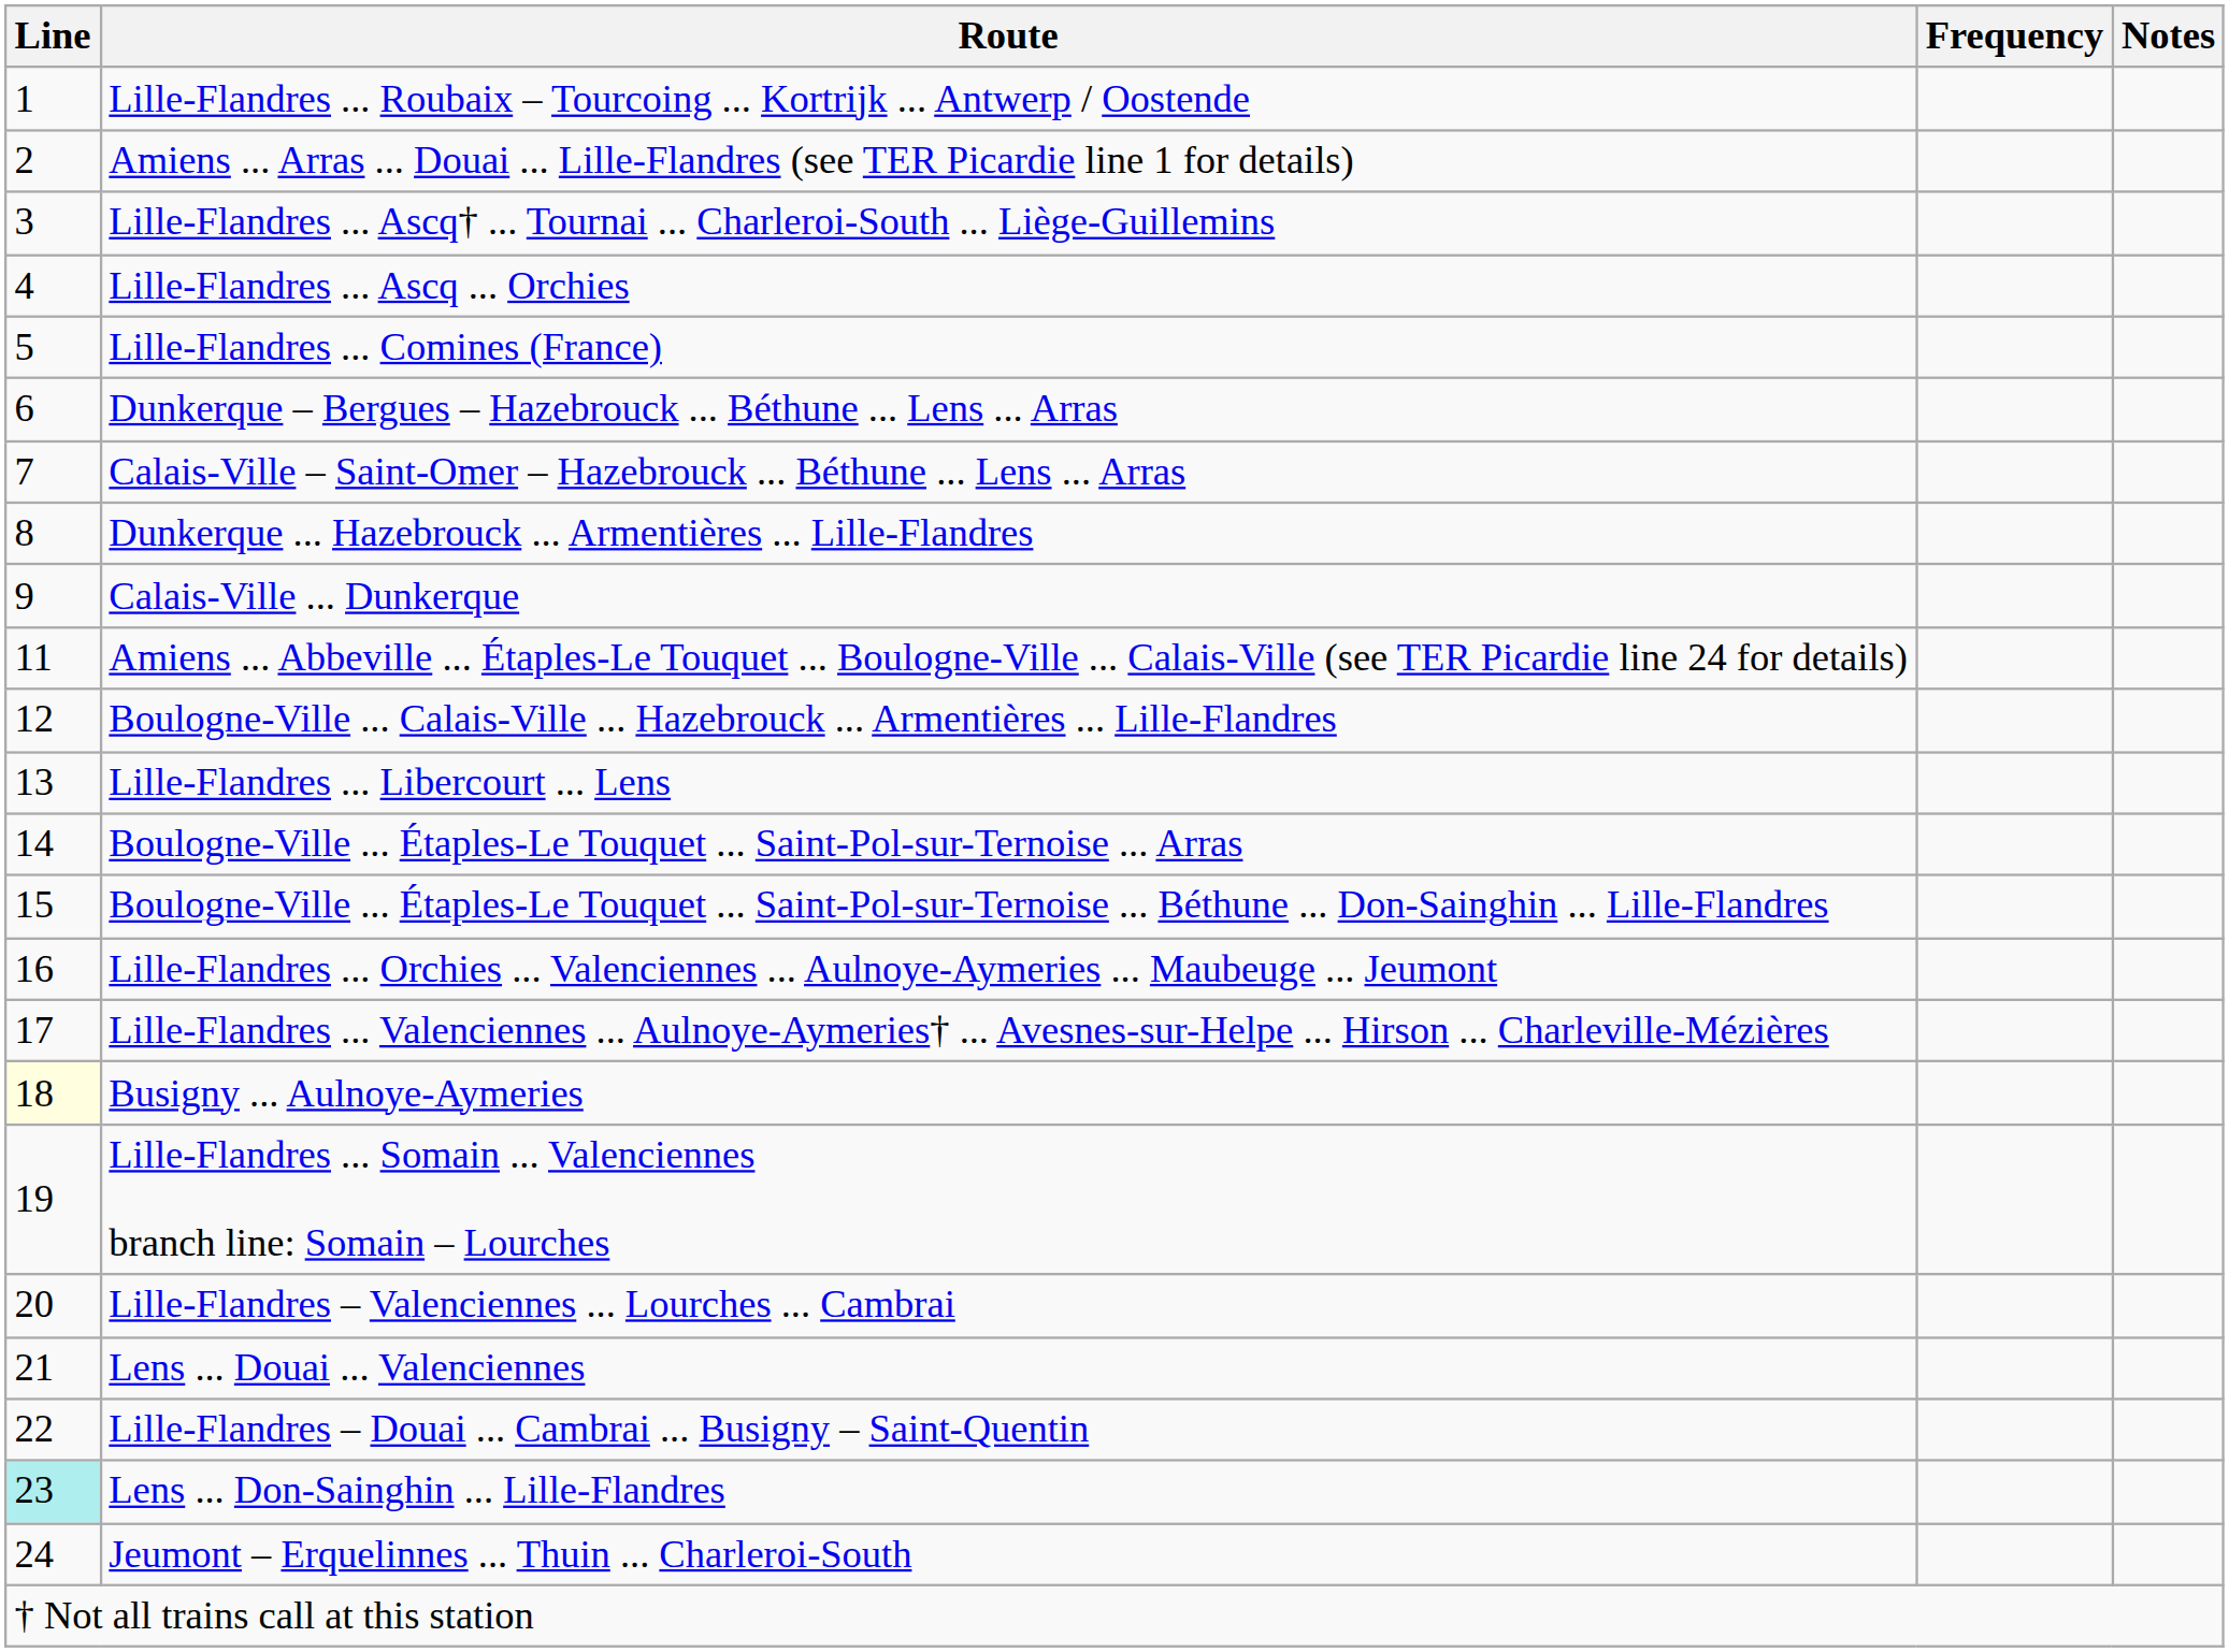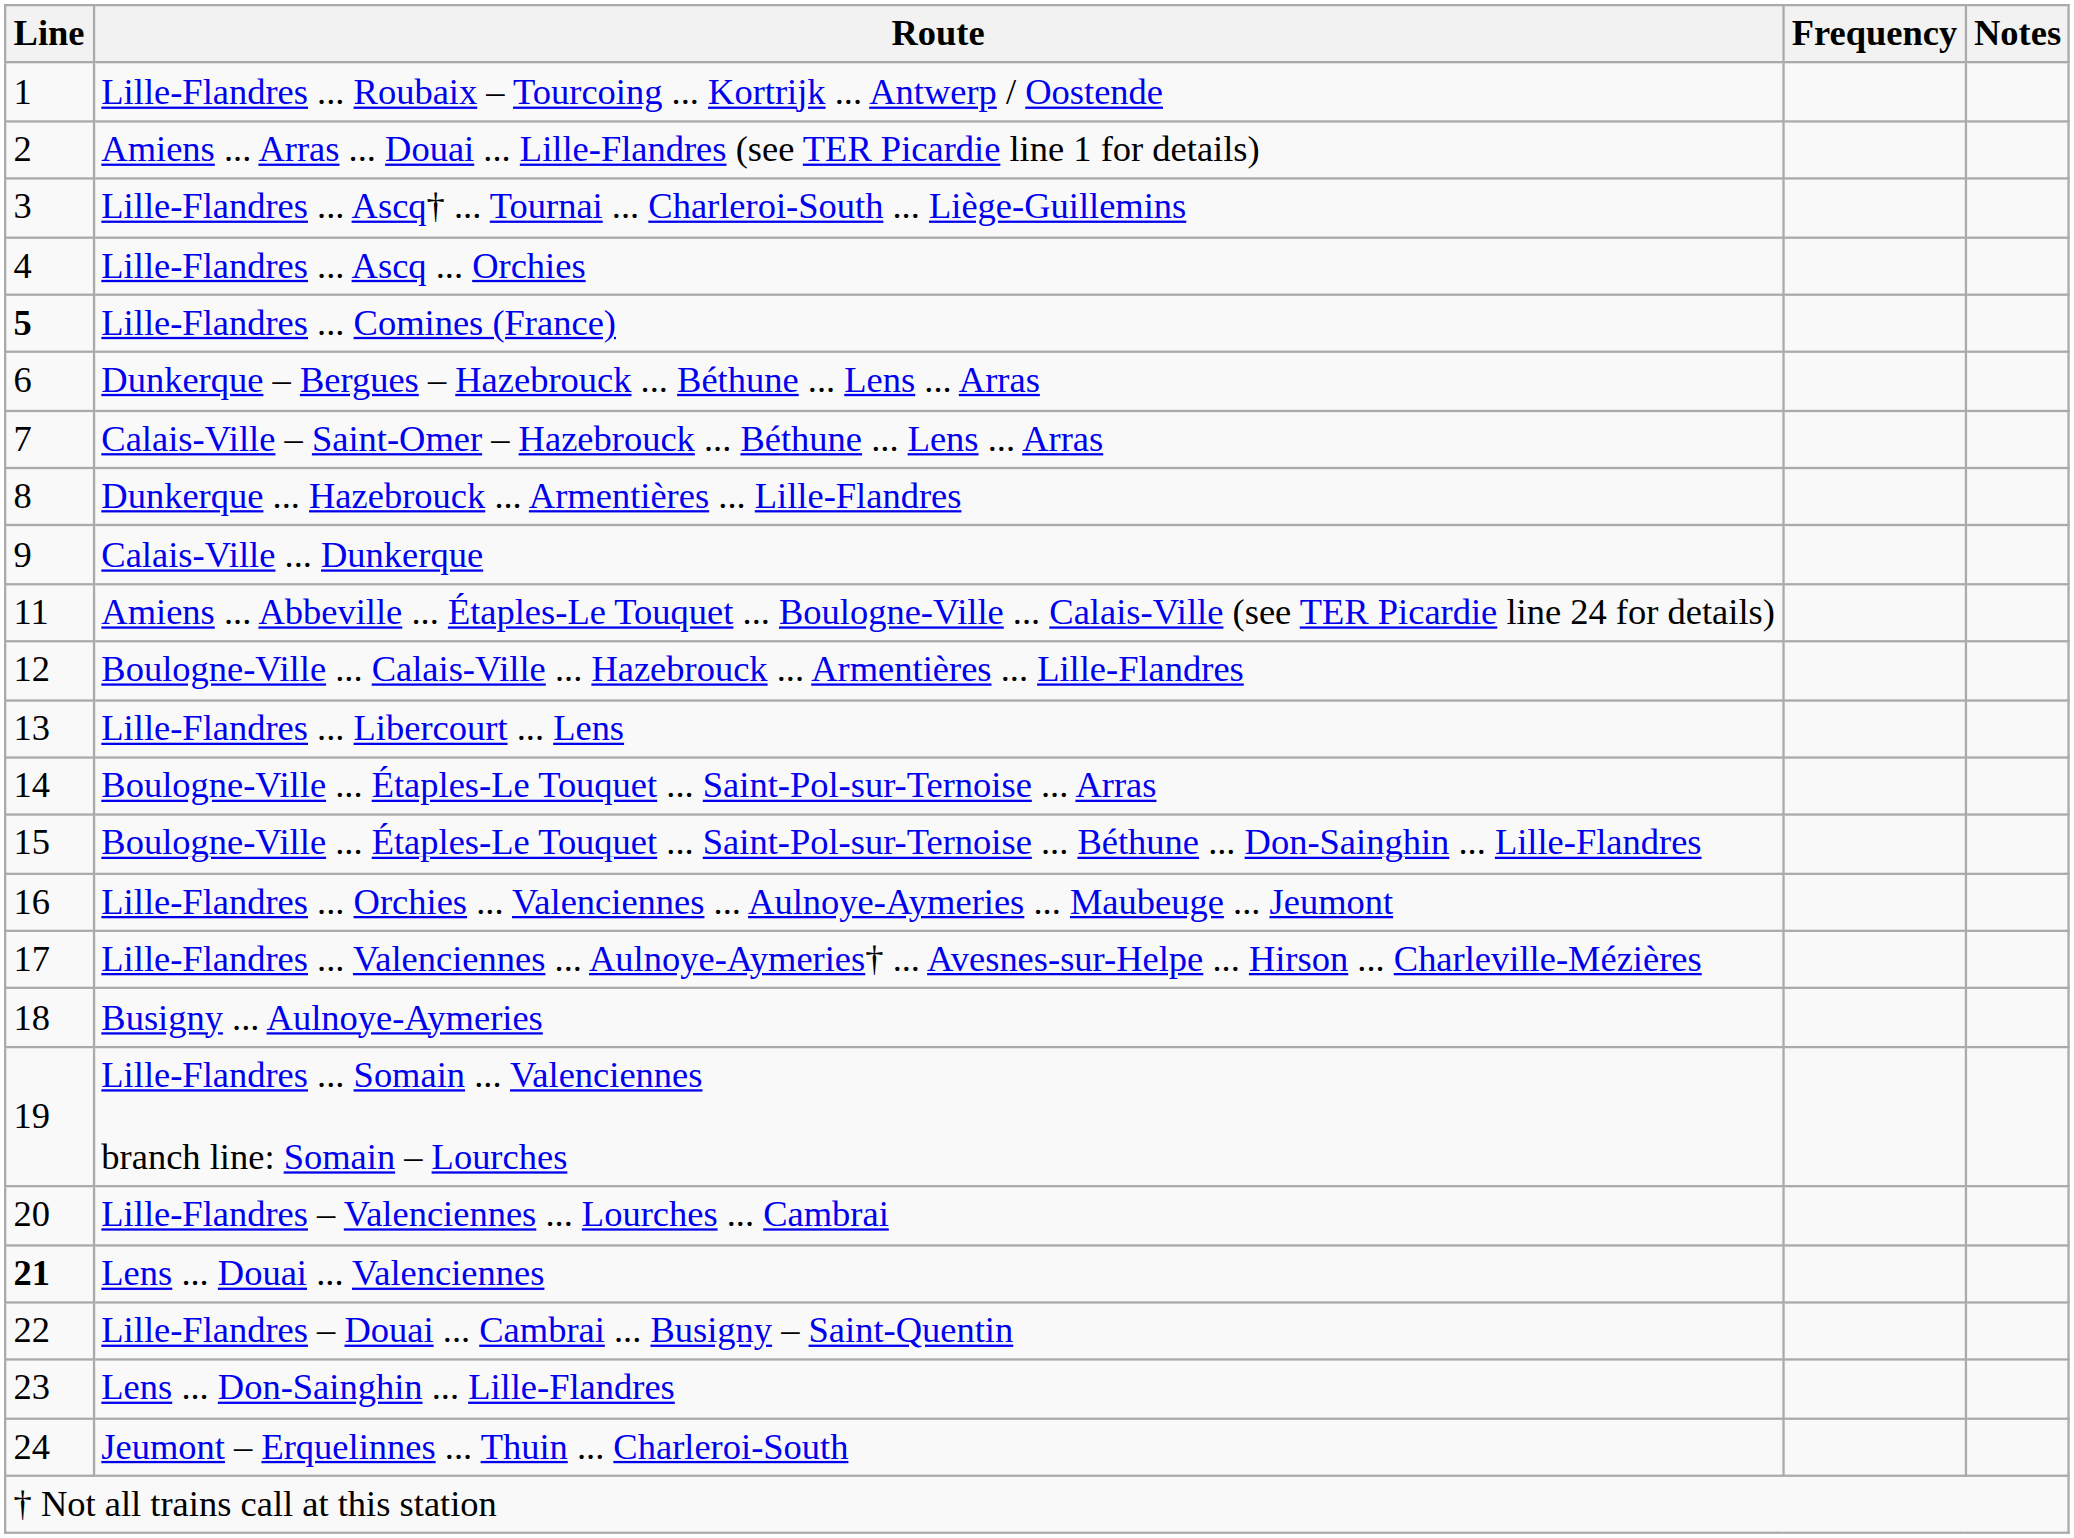 <table class="wikitable vatop">
 <tr>
 <th>Line</th>
 <th>Route</th>
 <th>Frequency</th>
 <th>Notes</th>
 </tr>
 <tr>
 <td>1</td>
 <td><a href='#'>Lille-Flandres</a> ... <a href='#'>Roubaix</a> – <a href='#'>Tourcoing</a> ... <a href='#'>Kortrijk</a> ... <a href='#'>Antwerp</a> / <a href='#'>Oostende</a></td>
 <td></td>
 <td></td>
 </tr>
 <tr>
 <td>2</td>
 <td><a href='#'>Amiens</a> ... <a href='#'>Arras</a> ... <a href='#'>Douai</a> ... <a href='#'>Lille-Flandres</a> (see <a href='#'>TER Picardie</a> line 1 for details)</td>
 <td></td>
 <td></td>
 </tr>
 <tr>
 <td>3</td>
 <td><a href='#'>Lille-Flandres</a> ... <a href='#'>Ascq</a>† ... <a href='#'>Tournai</a> ... <a href='#'>Charleroi-South</a> ... <a href='#'>Liège-Guillemins</a></td>
 <td></td>
 <td></td>
 </tr>
 <tr>
 <td>4</td>
 <td><a href='#'>Lille-Flandres</a> ... <a href='#'>Ascq</a> ... <a href='#'>Orchies</a></td>
 <td></td>
 <td></td>
 </tr>
 <tr>
-<td>5</td>
+<td><strong>5</strong></td>
 <td><a href='#'>Lille-Flandres</a> ... <a href='#'>Comines (France)</a></td>
 <td></td>
 <td></td>
 </tr>
 <tr>
 <td>6</td>
 <td><a href='#'>Dunkerque</a> – <a href='#'>Bergues</a> – <a href='#'>Hazebrouck</a> ... <a href='#'>Béthune</a> ... <a href='#'>Lens</a> ... <a href='#'>Arras</a></td>
 <td></td>
 <td></td>
 </tr>
 <tr>
 <td>7</td>
 <td><a href='#'>Calais-Ville</a> – <a href='#'>Saint-Omer</a> – <a href='#'>Hazebrouck</a> ... <a href='#'>Béthune</a> ... <a href='#'>Lens</a> ... <a href='#'>Arras</a></td>
 <td></td>
 <td></td>
 </tr>
 <tr>
 <td>8</td>
 <td><a href='#'>Dunkerque</a> ... <a href='#'>Hazebrouck</a> ... <a href='#'>Armentières</a> ... <a href='#'>Lille-Flandres</a></td>
 <td></td>
 <td></td>
 </tr>
 <tr>
 <td>9</td>
 <td><a href='#'>Calais-Ville</a> ... <a href='#'>Dunkerque</a></td>
 <td></td>
 <td></td>
 </tr>
 <tr>
 <td>11</td>
 <td><a href='#'>Amiens</a> ... <a href='#'>Abbeville</a> ... <a href='#'>Étaples-Le Touquet</a> ... <a href='#'>Boulogne-Ville</a> ... <a href='#'>Calais-Ville</a> (see <a href='#'>TER Picardie</a> line 24 for details)</td>
 <td></td>
 <td></td>
 </tr>
 <tr>
 <td>12</td>
 <td><a href='#'>Boulogne-Ville</a> ... <a href='#'>Calais-Ville</a> ... <a href='#'>Hazebrouck</a> ... <a href='#'>Armentières</a> ... <a href='#'>Lille-Flandres</a></td>
 <td></td>
 <td></td>
 </tr>
 <tr>
 <td>13</td>
 <td><a href='#'>Lille-Flandres</a> ... <a href='#'>Libercourt</a> ... <a href='#'>Lens</a></td>
 <td></td>
 <td></td>
 </tr>
 <tr>
 <td>14</td>
 <td><a href='#'>Boulogne-Ville</a> ... <a href='#'>Étaples-Le Touquet</a> ... <a href='#'>Saint-Pol-sur-Ternoise</a> ... <a href='#'>Arras</a></td>
 <td></td>
 <td></td>
 </tr>
 <tr>
 <td>15</td>
 <td><a href='#'>Boulogne-Ville</a> ... <a href='#'>Étaples-Le Touquet</a> ... <a href='#'>Saint-Pol-sur-Ternoise</a> ... <a href='#'>Béthune</a> ... <a href='#'>Don-Sainghin</a> ... <a href='#'>Lille-Flandres</a></td>
 <td></td>
 <td></td>
 </tr>
 <tr>
 <td>16</td>
 <td><a href='#'>Lille-Flandres</a> ... <a href='#'>Orchies</a> ... <a href='#'>Valenciennes</a> ... <a href='#'>Aulnoye-Aymeries</a> ... <a href='#'>Maubeuge</a> ... <a href='#'>Jeumont</a></td>
 <td></td>
 <td></td>
 </tr>
 <tr>
 <td>17</td>
 <td><a href='#'>Lille-Flandres</a> ... <a href='#'>Valenciennes</a> ... <a href='#'>Aulnoye-Aymeries</a>† ... <a href='#'>Avesnes-sur-Helpe</a> ... <a href='#'>Hirson</a> ... <a href='#'>Charleville-Mézières</a></td>
 <td></td>
 <td></td>
 </tr>
 <tr>
-<td style="background: lightyellow;">18</td>
+<td>18</td>
 <td><a href='#'>Busigny</a> ... <a href='#'>Aulnoye-Aymeries</a></td>
 <td></td>
 <td></td>
 </tr>
 <tr>
 <td>19</td>
 <td><a href='#'>Lille-Flandres</a> ... <a href='#'>Somain</a> ... <a href='#'>Valenciennes</a><br><br>branch line: <a href='#'>Somain</a> – <a href='#'>Lourches</a></td>
 <td></td>
 <td></td>
 </tr>
 <tr>
 <td>20</td>
 <td><a href='#'>Lille-Flandres</a> – <a href='#'>Valenciennes</a> ... <a href='#'>Lourches</a> ... <a href='#'>Cambrai</a></td>
 <td></td>
 <td></td>
 </tr>
 <tr>
-<td>21</td>
+<td><strong>21</strong></td>
 <td><a href='#'>Lens</a> ... <a href='#'>Douai</a> ... <a href='#'>Valenciennes</a></td>
 <td></td>
 <td></td>
 </tr>
 <tr>
 <td>22</td>
 <td><a href='#'>Lille-Flandres</a> – <a href='#'>Douai</a> ... <a href='#'>Cambrai</a> ... <a href='#'>Busigny</a> – <a href='#'>Saint-Quentin</a></td>
 <td></td>
 <td></td>
 </tr>
 <tr>
-<td style="background: paleturquoise;">23</td>
+<td>23</td>
 <td><a href='#'>Lens</a> ... <a href='#'>Don-Sainghin</a> ... <a href='#'>Lille-Flandres</a></td>
 <td></td>
 <td></td>
 </tr>
 <tr>
 <td>24</td>
 <td><a href='#'>Jeumont</a> – <a href='#'>Erquelinnes</a> ... <a href='#'>Thuin</a> ... <a href='#'>Charleroi-South</a></td>
 <td></td>
 <td></td>
 </tr>
 <tr>
 <td colspan=4>† Not all trains call at this station</td>
 </tr>
 </table>
